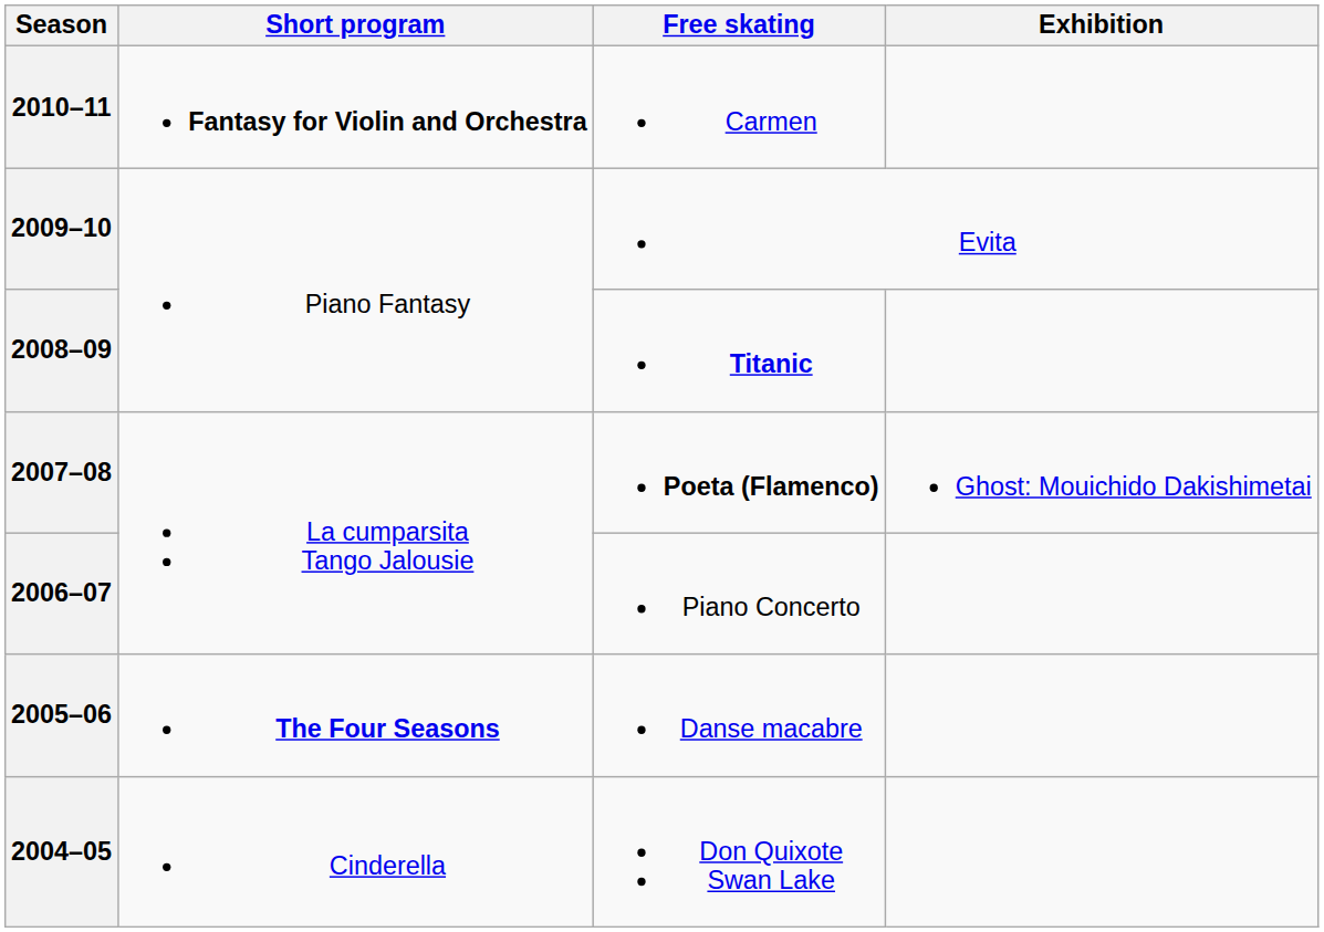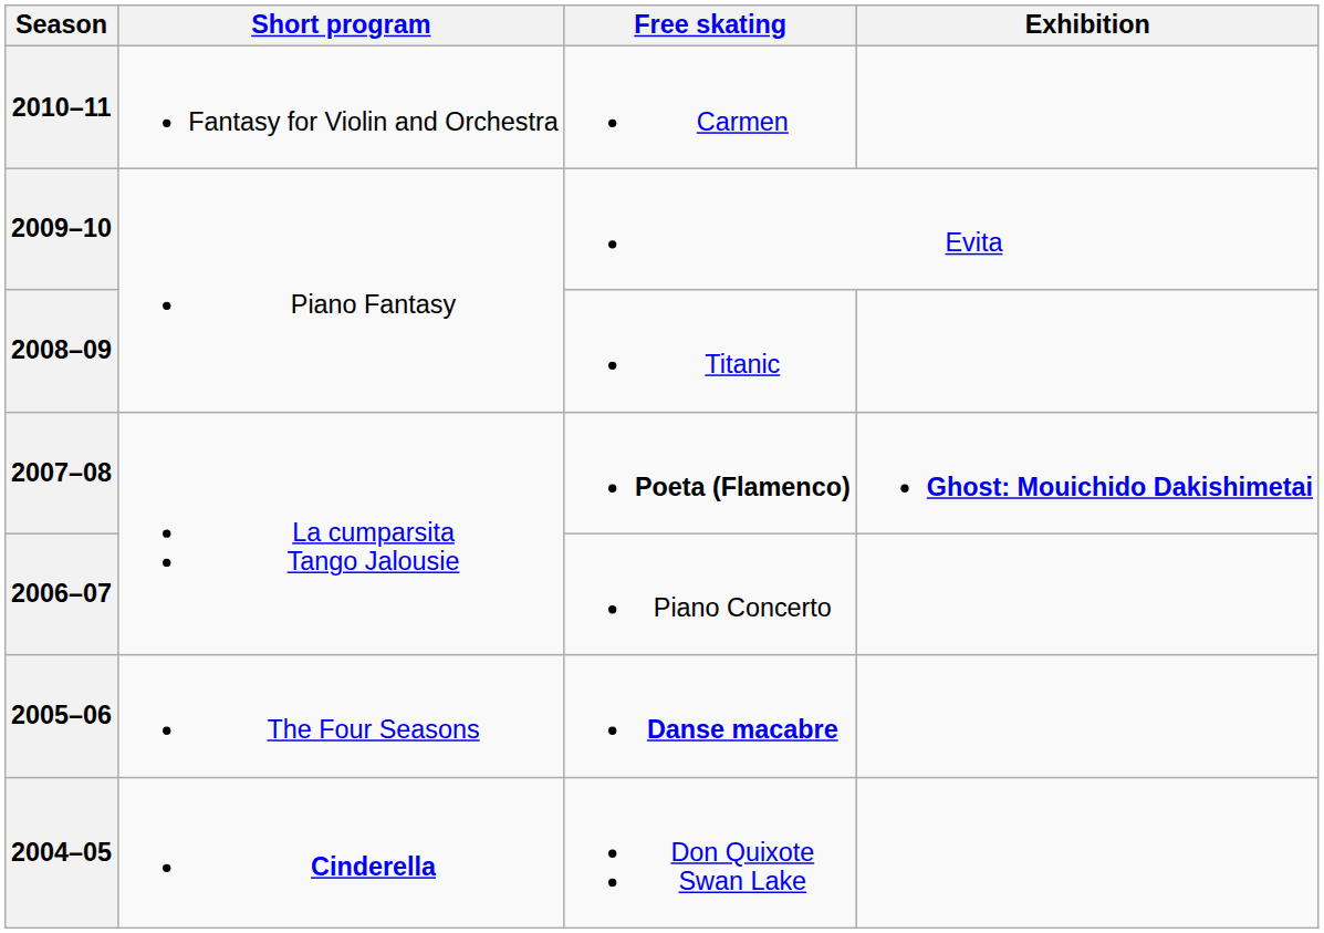 <table class=wikitable style=text-align:center>
 <tr>
 <th>Season</th>
 <th><a href='#'>Short program</a></th>
 <th><a href='#'>Free skating</a></th>
 <th>Exhibition</th>
 </tr>
 <tr>
 <th>2010–11 <br> </th>
-<td><strong><br><ul><li>Fantasy for Violin and Orchestra</li></ul></strong></td>
+<td><br><ul><li>Fantasy for Violin and Orchestra</li></ul></td>
 <td><br><ul><li><a href='#'>Carmen</a> <br></li></ul></td>
 <td></td>
 </tr>
 <tr>
 <th>2009–10</th>
 <td rowspan=2><br><ul><li>Piano Fantasy</li></ul></td>
 <td colspan=2><br><ul><li><a href='#'>Evita</a></li></ul></td>
 </tr>
 <tr>
 <th>2008–09</th>
-<td><strong><br><ul><li><a href='#'>Titanic</a> <br></li></ul></strong></td>
+<td><br><ul><li><a href='#'>Titanic</a> <br></li></ul></td>
 <td></td>
 </tr>
 <tr>
 <th>2007–08 <br> </th>
 <td rowspan=2><br><ul><li><a href='#'>La cumparsita</a> <br></li><li><a href='#'>Tango Jalousie</a> <br></li></ul></td>
 <td><strong><br><ul><li>Poeta (Flamenco) <br></li></ul></strong></td>
-<td><br><ul><li><a href='#'>Ghost: Mouichido Dakishimetai</a> <br></li></ul></td>
+<td><strong><br><ul><li><a href='#'>Ghost: Mouichido Dakishimetai</a> <br></li></ul></strong></td>
 </tr>
 <tr>
 <th>2006–07 <br> </th>
 <td><br><ul><li>Piano Concerto <br></li></ul></td>
 <td></td>
 </tr>
 <tr>
 <th>2005–06</th>
-<td><strong><br><ul><li><a href='#'>The Four Seasons</a> <br></li></ul></strong></td>
-<td><br><ul><li><a href='#'>Danse macabre</a> <br></li></ul></td>
+<td><br><ul><li><a href='#'>The Four Seasons</a> <br></li></ul></td>
+<td><strong><br><ul><li><a href='#'>Danse macabre</a> <br></li></ul></strong></td>
 <td></td>
 </tr>
 <tr>
 <th>2004–05 <br> </th>
-<td><br><ul><li><a href='#'>Cinderella</a> <br></li></ul></td>
+<td><strong><br><ul><li><a href='#'>Cinderella</a> <br></li></ul></strong></td>
 <td><br><ul><li><a href='#'>Don Quixote</a> <br></li><li><a href='#'>Swan Lake</a> <br></li></ul></td>
 <td></td>
 </tr>
 </table>
